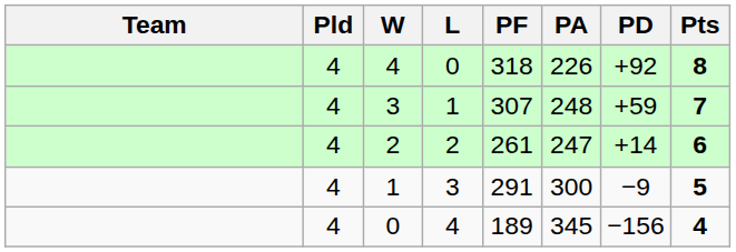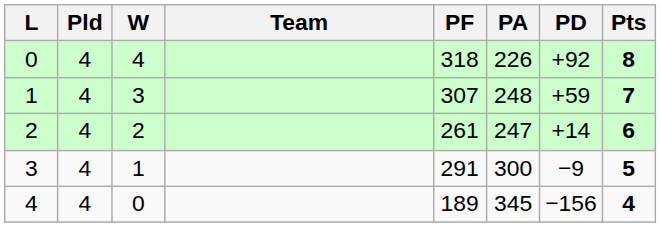 <table class=wikitable style="text-align:center">
 <tr>
-<th width=180>Team</th>
+<th width=30>L</th>
 <th width=30>Pld</th>
 <th width=30>W</th>
-<th width=30>L</th>
+<th width=180>Team</th>
 <th width=30>PF</th>
 <th width=30>PA</th>
 <th width=30>PD</th>
 <th width=30>Pts</th>
 </tr>
 <tr bgcolor="#ccffcc">
-<td align=left></td>
+<td>0</td>
 <td>4</td>
 <td>4</td>
-<td>0</td>
+<td align=left></td>
 <td>318</td>
 <td>226</td>
 <td>+92</td>
 <td><strong>8</strong></td>
 </tr>
 <tr bgcolor="#ccffcc">
-<td align=left></td>
+<td>1</td>
 <td>4</td>
 <td>3</td>
-<td>1</td>
+<td align=left></td>
 <td>307</td>
 <td>248</td>
 <td>+59</td>
 <td><strong>7</strong></td>
 </tr>
 <tr bgcolor="#ccffcc">
-<td align=left></td>
+<td>2</td>
 <td>4</td>
 <td>2</td>
-<td>2</td>
+<td align=left></td>
 <td>261</td>
 <td>247</td>
 <td>+14</td>
 <td><strong>6</strong></td>
 </tr>
 <tr>
-<td align=left></td>
+<td>3</td>
 <td>4</td>
 <td>1</td>
-<td>3</td>
+<td align=left></td>
 <td>291</td>
 <td>300</td>
 <td>−9</td>
 <td><strong>5</strong></td>
 </tr>
 <tr>
-<td align=left></td>
+<td>4</td>
 <td>4</td>
 <td>0</td>
-<td>4</td>
+<td align=left></td>
 <td>189</td>
 <td>345</td>
 <td>−156</td>
 <td><strong>4</strong></td>
 </tr>
 </table>
